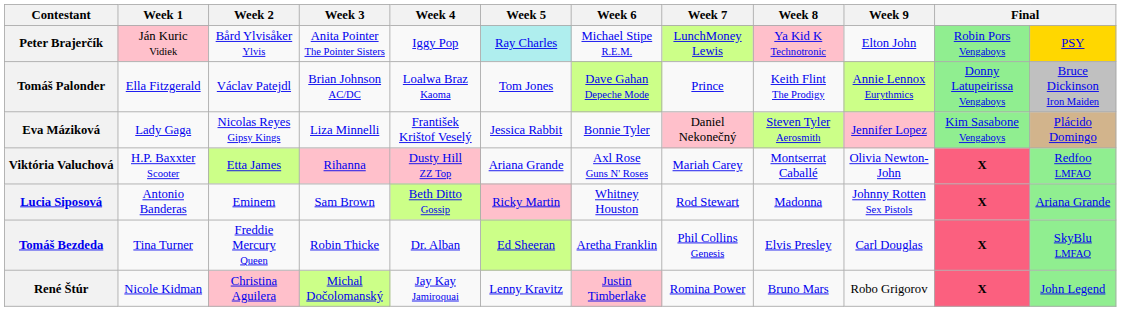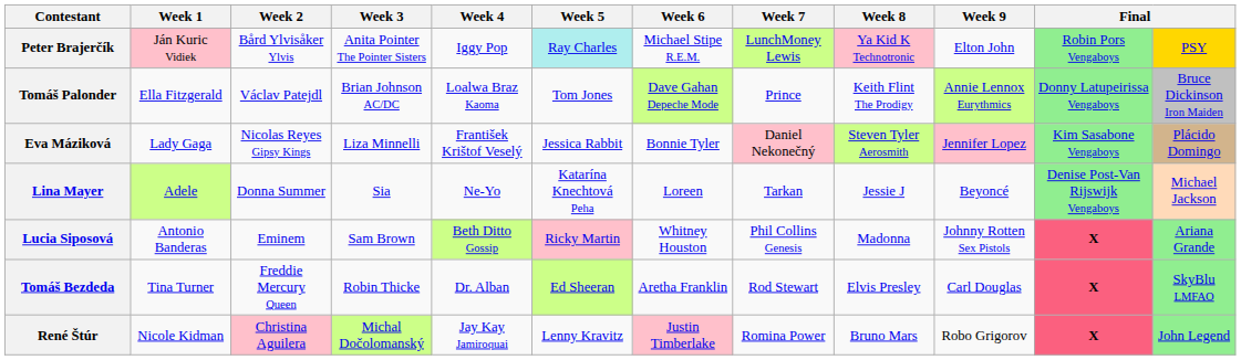 <table class="wikitable" style="font-size:90%; text-align:center; margin-left: auto; margin-right: auto">
 <tr>
 <th style="width: 10%;">Contestant</th>
 <th style="width: 8%;">Week 1</th>
 <th style="width: 8%;">Week 2</th>
 <th style="width: 8%;">Week 3</th>
 <th style="width: 8%;">Week 4</th>
 <th style="width: 8%;">Week 5</th>
 <th style="width: 8%;">Week 6</th>
 <th style="width: 8%;">Week 7</th>
 <th style="width: 8%;">Week 8</th>
 <th style="width: 8%;">Week 9</th>
 <th colspan="2" style="width: 16%;">Final</th>
 </tr>
 <tr>
 <th>Peter Brajerčík</th>
 <td style="background:pink">Ján Kuric <br><small>Vidiek</small></td>
 <td><a href='#'>Bård Ylvisåker</a> <br><small><a href='#'>Ylvis</a></small></td>
 <td><a href='#'>Anita Pointer</a> <br><small><a href='#'>The Pointer Sisters</a></small></td>
 <td><a href='#'>Iggy Pop</a></td>
 <td style="background: paleturquoise;"><a href='#'>Ray Charles</a></td>
 <td><a href='#'>Michael Stipe</a> <br><small><a href='#'>R.E.M.</a></small></td>
 <td style="background:#ccff88"><a href='#'>LunchMoney Lewis</a></td>
 <td style="background:pink"><a href='#'>Ya Kid K</a> <br><small><a href='#'>Technotronic</a></small></td>
 <td><a href='#'>Elton John</a></td>
 <td style="background:lightgreen"><a href='#'>Robin Pors</a> <br><small><a href='#'>Vengaboys</a></small></td>
 <td style="background:gold;"><a href='#'>PSY</a></td>
 </tr>
 <tr>
 <th>Tomáš Palonder</th>
 <td><a href='#'>Ella Fitzgerald</a></td>
 <td><a href='#'>Václav Patejdl</a></td>
 <td><a href='#'>Brian Johnson</a> <br><small><a href='#'>AC/DC</a></small></td>
 <td><a href='#'>Loalwa Braz</a> <br><small><a href='#'>Kaoma</a></small></td>
 <td><a href='#'>Tom Jones</a></td>
 <td style="background:#ccff88"><a href='#'>Dave Gahan</a> <br><small><a href='#'>Depeche Mode</a></small></td>
 <td><a href='#'>Prince</a></td>
 <td><a href='#'>Keith Flint</a> <br><small><a href='#'>The Prodigy</a></small></td>
 <td style="background:#ccff88"><a href='#'>Annie Lennox</a> <br><small><a href='#'>Eurythmics</a></small></td>
 <td style="background:lightgreen"><a href='#'>Donny Latupeirissa</a> <br><small><a href='#'>Vengaboys</a></small></td>
 <td style="background:silver;"><a href='#'>Bruce Dickinson</a> <br><small><a href='#'>Iron Maiden</a></small></td>
 </tr>
 <tr>
 <th>Eva Máziková</th>
 <td><a href='#'>Lady Gaga</a></td>
 <td><a href='#'>Nicolas Reyes</a> <br><small><a href='#'>Gipsy Kings</a></small></td>
 <td><a href='#'>Liza Minnelli</a></td>
 <td><a href='#'>František Krištof Veselý</a></td>
 <td><a href='#'>Jessica Rabbit</a></td>
 <td><a href='#'>Bonnie Tyler</a></td>
 <td style="background:pink">Daniel Nekonečný</td>
 <td style="background:#ccff88"><a href='#'>Steven Tyler</a> <br><small><a href='#'>Aerosmith</a></small></td>
 <td style="background:pink"><a href='#'>Jennifer Lopez</a></td>
 <td style="background:lightgreen"><a href='#'>Kim Sasabone</a> <br><small><a href='#'>Vengaboys</a></small></td>
 <td style="background:tan"><a href='#'>Plácido Domingo</a></td>
 </tr>
 <tr>
-<th>Viktória Valuchová</th>
-<td><a href='#'>H.P. Baxxter</a> <br><small><a href='#'>Scooter</a></small></td>
-<td style="background:#ccff88"><a href='#'>Etta James</a></td>
-<td style="background:pink"><a href='#'>Rihanna</a></td>
-<td style="background:pink"><a href='#'>Dusty Hill</a> <br><small><a href='#'>ZZ Top</a></small></td>
-<td><a href='#'>Ariana Grande</a></td>
-<td><a href='#'>Axl Rose</a> <br><small><a href='#'>Guns N' Roses</a></small></td>
-<td><a href='#'>Mariah Carey</a></td>
-<td><a href='#'>Montserrat Caballé</a></td>
-<td><a href='#'>Olivia Newton-John</a></td>
-<td style="background:#FB607F;"><strong>X</strong></td>
-<td style="background:lightgreen"><a href='#'>Redfoo</a> <br><small><a href='#'>LMFAO</a></small></td>
+<th><a href='#'>Lina Mayer</a></th>
+<td style="background:#ccff88"><a href='#'>Adele</a></td>
+<td><a href='#'>Donna Summer</a></td>
+<td><a href='#'>Sia</a></td>
+<td><a href='#'>Ne-Yo</a></td>
+<td><a href='#'>Katarína Knechtová</a> <br><small><a href='#'>Peha</a></small></td>
+<td><a href='#'>Loreen</a></td>
+<td><a href='#'>Tarkan</a></td>
+<td><a href='#'>Jessie J</a></td>
+<td><a href='#'>Beyoncé</a></td>
+<td style="background:lightgreen"><a href='#'>Denise Post-Van Rijswijk</a> <br><small><a href='#'>Vengaboys</a></small></td>
+<td style="background:peachpuff"><a href='#'>Michael Jackson</a></td>
 </tr>
 <tr>
 <th><a href='#'>Lucia Siposová</a></th>
 <td><a href='#'>Antonio Banderas</a></td>
 <td><a href='#'>Eminem</a></td>
 <td><a href='#'>Sam Brown</a></td>
 <td style="background:#ccff88"><a href='#'>Beth Ditto</a> <br><small><a href='#'>Gossip</a></small></td>
 <td style="background:pink"><a href='#'>Ricky Martin</a></td>
 <td><a href='#'>Whitney Houston</a></td>
-<td><a href='#'>Rod Stewart</a></td>
+<td><a href='#'>Phil Collins</a> <br><small><a href='#'>Genesis</a></small></td>
 <td><a href='#'>Madonna</a></td>
 <td><a href='#'>Johnny Rotten</a> <br><small><a href='#'>Sex Pistols</a></small></td>
 <td style="background:#FB607F;"><strong>X</strong></td>
 <td style="background:lightgreen"><a href='#'>Ariana Grande</a></td>
 </tr>
 <tr>
 <th><a href='#'>Tomáš Bezdeda</a></th>
 <td><a href='#'>Tina Turner</a></td>
 <td><a href='#'>Freddie Mercury</a> <br><small><a href='#'>Queen</a></small></td>
 <td><a href='#'>Robin Thicke</a></td>
 <td><a href='#'>Dr. Alban</a></td>
 <td style="background:#ccff88"><a href='#'>Ed Sheeran</a></td>
 <td><a href='#'>Aretha Franklin</a></td>
-<td><a href='#'>Phil Collins</a> <br><small><a href='#'>Genesis</a></small></td>
+<td><a href='#'>Rod Stewart</a></td>
 <td><a href='#'>Elvis Presley</a></td>
 <td><a href='#'>Carl Douglas</a></td>
 <td style="background:#FB607F;"><strong>X</strong></td>
 <td style="background:lightgreen"><a href='#'>SkyBlu</a> <br><small><a href='#'>LMFAO</a></small></td>
 </tr>
 <tr>
 <th>René Štúr</th>
 <td><a href='#'>Nicole Kidman</a></td>
 <td style="background:pink"><a href='#'>Christina Aguilera</a></td>
 <td style="background:#ccff88"><a href='#'>Michal Dočolomanský</a></td>
 <td><a href='#'>Jay Kay</a> <br><small><a href='#'>Jamiroquai</a></small></td>
 <td><a href='#'>Lenny Kravitz</a></td>
 <td style="background:pink"><a href='#'>Justin Timberlake</a></td>
 <td><a href='#'>Romina Power</a></td>
 <td><a href='#'>Bruno Mars</a></td>
 <td>Robo Grigorov</td>
 <td style="background:#FB607F;"><strong>X</strong></td>
 <td style="background:lightgreen"><a href='#'>John Legend</a></td>
 </tr>
 </table>
